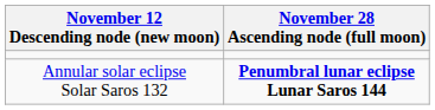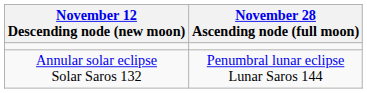 <table class="wikitable">
 <tr>
 <th><a href='#'>November 12</a><br>Descending node (new moon)</th>
 <th><a href='#'>November 28</a><br>Ascending node (full moon)</th>
 </tr>
 <tr>
 <td></td>
 <td></td>
 </tr>
 <tr align=center>
 <td><a href='#'>Annular solar eclipse</a><br>Solar Saros 132</td>
-<td><strong><a href='#'>Penumbral lunar eclipse</a><br>Lunar Saros 144</strong></td>
+<td><a href='#'>Penumbral lunar eclipse</a><br>Lunar Saros 144</td>
 </tr>
 </table>
